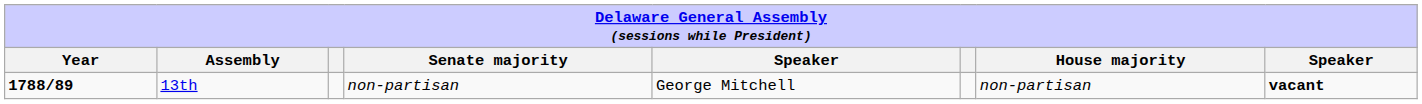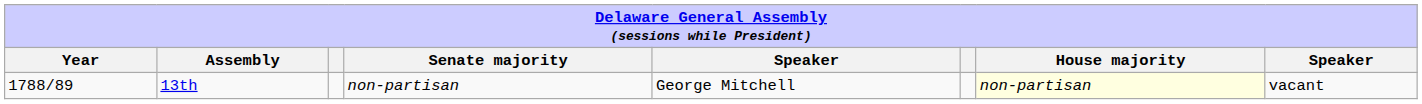 <table class=wikitable style="width: 94%" style="text-align: center;" align="center">
 <tr bgcolor=#cccccc>
 <th colspan=12 style="background: #ccccff;"><strong><a href='#'>Delaware General Assembly</a></strong> <br> <small> <em>(sessions while President)</em></small></th>
 </tr>
 <tr>
 <th><strong>Year</strong></th>
 <th><strong>Assembly</strong></th>
 <th></th>
 <th><strong>Senate majority</strong></th>
 <th><strong>Speaker</strong></th>
 <th></th>
 <th><strong>House majority</strong></th>
 <th><strong>Speaker</strong></th>
 </tr>
 <tr>
-<td><strong>1788/89</strong></td>
+<td>1788/89</td>
 <td><a href='#'>13th</a></td>
 <td></td>
 <td><em>non-partisan</em></td>
 <td>George Mitchell</td>
 <td></td>
-<td><em>non-partisan</em></td>
-<td><strong>vacant</strong></td>
+<td style="background: lightyellow;"><em>non-partisan</em></td>
+<td>vacant</td>
 </tr>
 </table>
